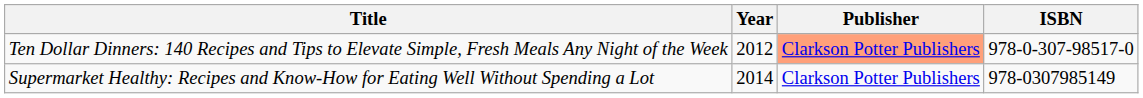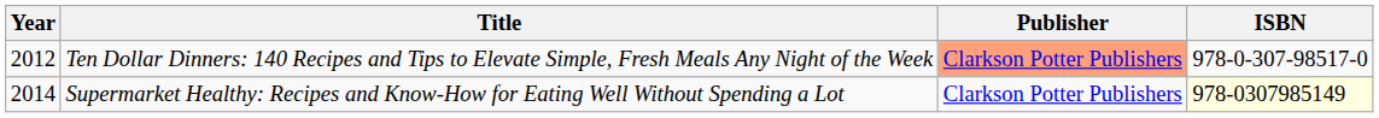 <table class="wikitable">
 <tr>
+<th>Year</th>
 <th>Title</th>
-<th>Year</th>
 <th>Publisher</th>
 <th>ISBN</th>
 </tr>
 <tr>
+<td>2012</td>
 <td><em>Ten Dollar Dinners: 140 Recipes and Tips to Elevate Simple, Fresh Meals Any Night of the Week</em></td>
-<td>2012</td>
 <td style="background: lightsalmon;"><a href='#'>Clarkson Potter Publishers</a></td>
 <td>978-0-307-98517-0</td>
 </tr>
 <tr>
+<td>2014</td>
 <td><em>Supermarket Healthy: Recipes and Know-How for Eating Well Without Spending a Lot</em></td>
-<td>2014</td>
 <td><a href='#'>Clarkson Potter Publishers</a></td>
-<td>978-0307985149</td>
+<td style="background: lightyellow;">978-0307985149</td>
 </tr>
 </table>
